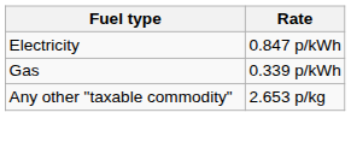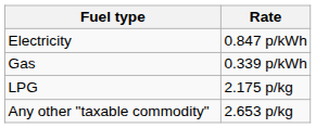 <table class="wikitable" style="display: inline-table">
 <tr>
 <th>Fuel type</th>
 <th>Rate</th>
 </tr>
 <tr>
 <td>Electricity</td>
 <td>0.847 p/kWh</td>
 </tr>
 <tr>
 <td>Gas</td>
 <td>0.339 p/kWh</td>
 </tr>
 <tr>
+<td>LPG</td>
+<td>2.175 p/kg</td>
+</tr>
+<tr>
 <td>Any other "taxable commodity"  </td>
 <td>2.653 p/kg</td>
 </tr>
 </table>
